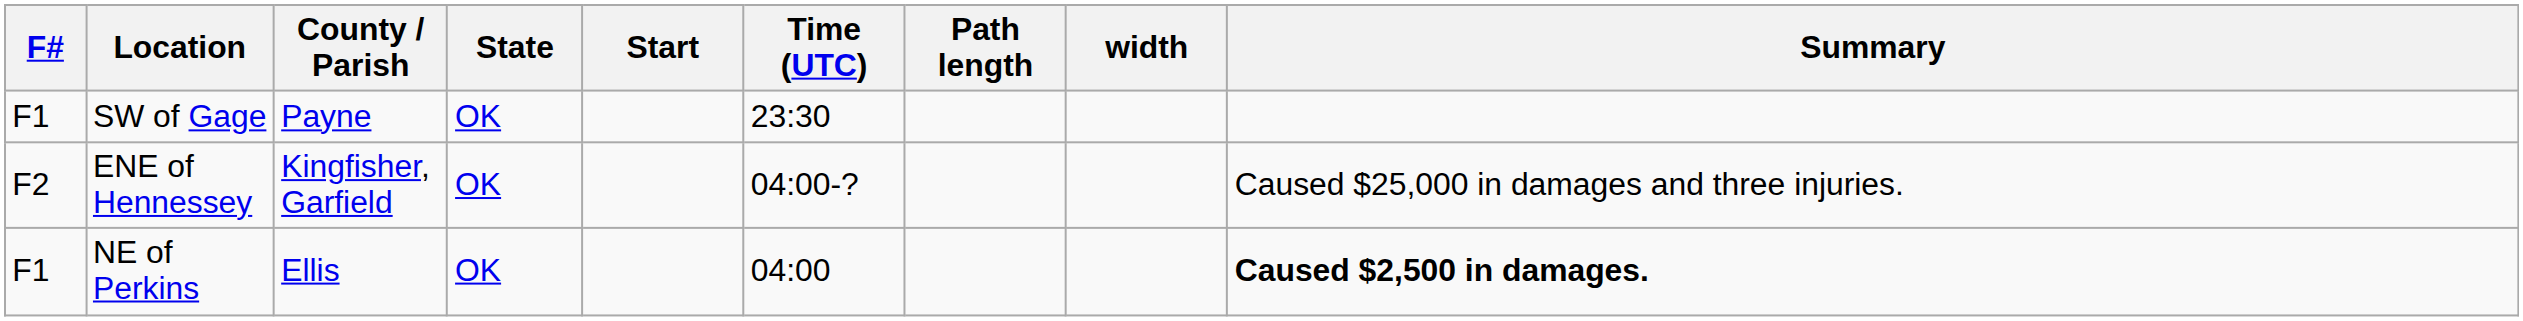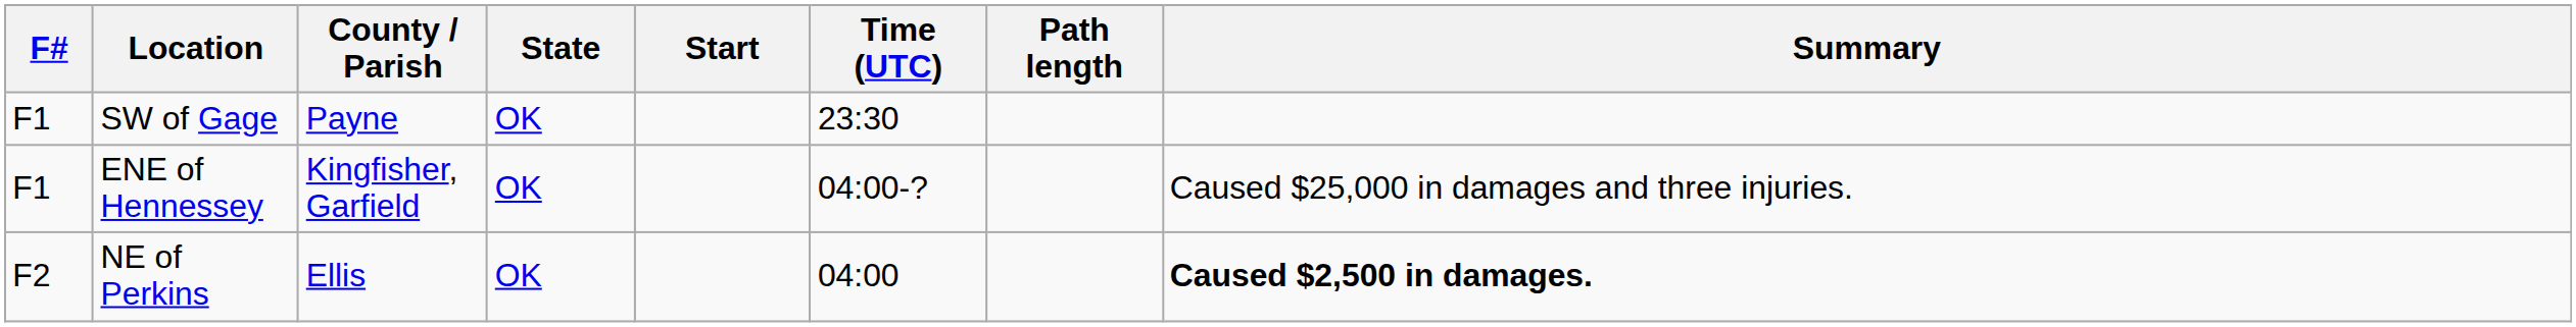 <table class="wikitable sortable" style="width:100%;">
 <tr>
 <th scope="col"  style="width:3%; text-align:center;"><a href='#'>F#</a></th>
 <th scope="col"  style="width:7%; text-align:center;" class="unsortable">Location</th>
 <th scope="col"  style="width:6%; text-align:center;" class="unsortable">County / Parish</th>
 <th scope="col"  style="width:5%; text-align:center;">State</th>
 <th scope="col"  style="width:6%; text-align:center;">Start<br></th>
 <th scope="col"  style="width:6%; text-align:center;">Time (<a href='#'>UTC</a>)</th>
 <th scope="col"  style="width:6%; text-align:center;">Path length</th>
-<th scope="col"  style="width:6%; text-align:center;"> width</th>
 <th scope="col" class="unsortable" style="width:48%; text-align:center;">Summary</th>
 </tr>
 <tr>
 <td>F1</td>
 <td>SW of <a href='#'>Gage</a></td>
 <td><a href='#'>Payne</a></td>
 <td><a href='#'>OK</a></td>
 <td></td>
 <td>23:30</td>
 <td></td>
 <td></td>
-<td></td>
 </tr>
 <tr>
-<td>F2</td>
+<td>F1</td>
 <td>ENE of <a href='#'>Hennessey</a></td>
 <td><a href='#'>Kingfisher</a>, <a href='#'>Garfield</a></td>
 <td><a href='#'>OK</a></td>
 <td></td>
 <td>04:00-?</td>
 <td></td>
-<td></td>
 <td>Caused $25,000 in damages and three injuries.</td>
 </tr>
 <tr>
-<td>F1</td>
+<td>F2</td>
 <td>NE of <a href='#'>Perkins</a></td>
 <td><a href='#'>Ellis</a></td>
 <td><a href='#'>OK</a></td>
 <td></td>
 <td>04:00</td>
 <td></td>
-<td></td>
 <td><strong>Caused $2,500 in damages.</strong></td>
 </tr>
 </table>
